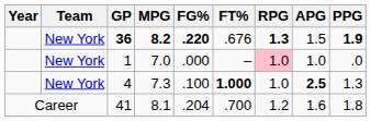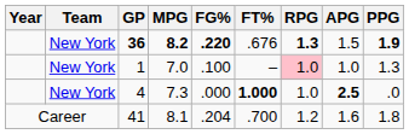 <table class="wikitable sortable" style="font-size:95%; text-align:right;">
 <tr>
 <th>Year</th>
 <th>Team</th>
 <th>GP</th>
 <th>MPG</th>
 <th>FG%</th>
 <th>FT%</th>
 <th>RPG</th>
 <th>APG</th>
 <th>PPG</th>
 </tr>
 <tr>
 <td style="text-align:left;"></td>
 <td style="text-align:left;"><a href='#'>New York</a></td>
 <td><strong>36</strong></td>
 <td><strong>8.2</strong></td>
 <td><strong>.220</strong></td>
 <td>.676</td>
 <td><strong>1.3</strong></td>
 <td>1.5</td>
 <td><strong>1.9</strong></td>
 </tr>
 <tr>
 <td style="text-align:left;"></td>
 <td style="text-align:left;"><a href='#'>New York</a></td>
 <td>1</td>
 <td>7.0</td>
-<td>.000</td>
+<td>.100</td>
 <td>–</td>
 <td style="background: pink;">1.0</td>
 <td>1.0</td>
-<td>.0</td>
+<td>1.3</td>
 </tr>
 <tr>
 <td style="text-align:left;"></td>
 <td style="text-align:left;"><a href='#'>New York</a></td>
 <td>4</td>
 <td>7.3</td>
-<td>.100</td>
+<td>.000</td>
 <td><strong>1.000</strong></td>
 <td>1.0</td>
 <td><strong>2.5</strong></td>
-<td>1.3</td>
+<td>.0</td>
 </tr>
 <tr>
 <td colspan="2" style="text-align:center;">Career</td>
 <td>41</td>
 <td>8.1</td>
 <td>.204</td>
 <td>.700</td>
 <td>1.2</td>
 <td>1.6</td>
 <td>1.8</td>
 </tr>
 </table>
